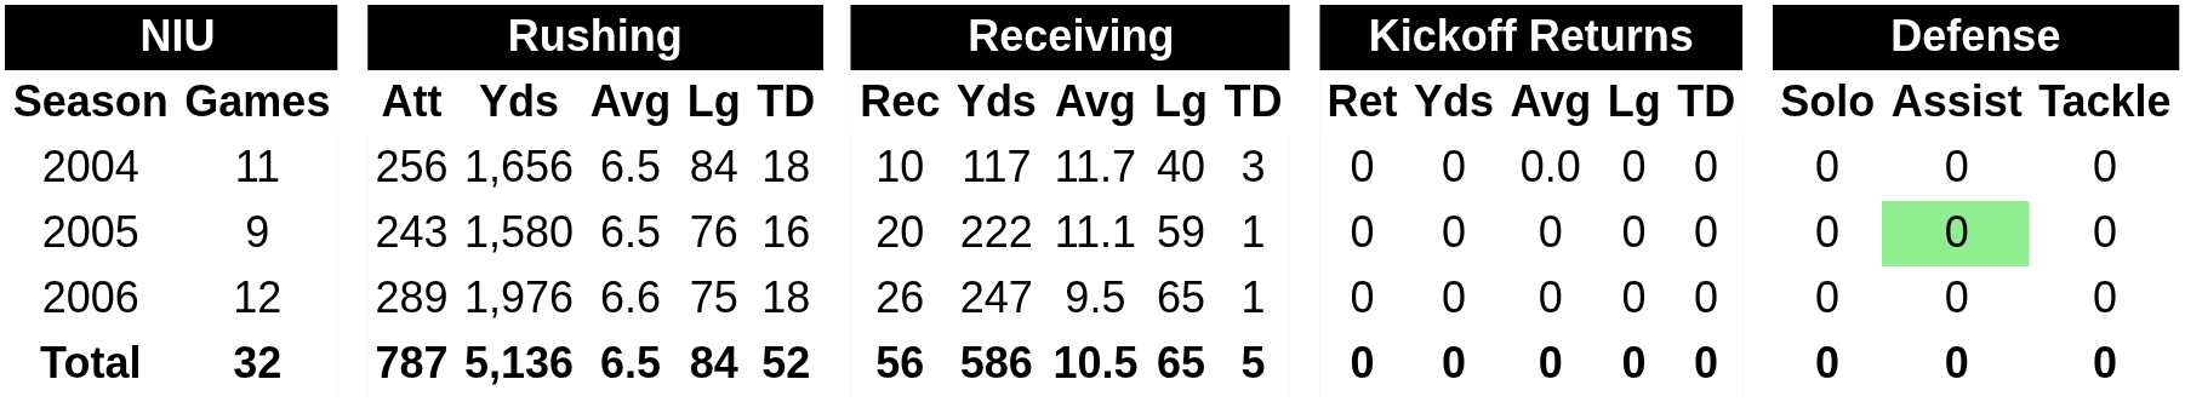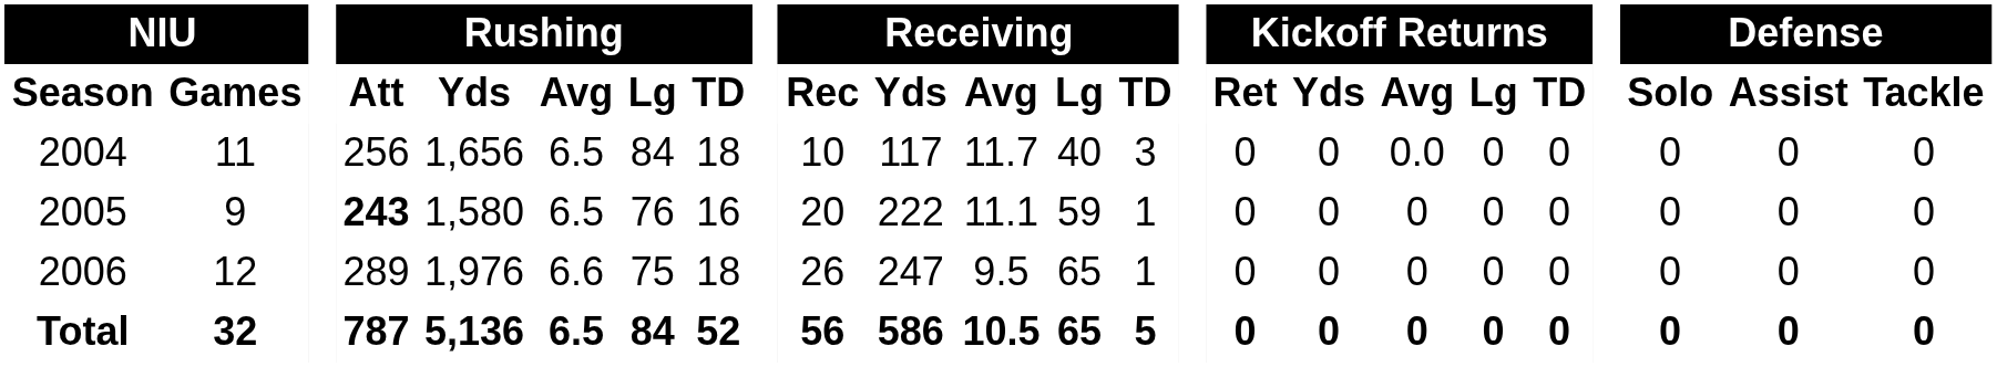 <table BORDER="0" CELLPADDING="3" CELLSPACING="0" ID="Table3" border="2">
 <tr ALIGN="center" bgcolor="#e0e0e0">
 <th ALIGN="center" colspan="2" style="background-color: black; color:white"> NIU</th>
 <th ALIGN="center" rowspan="99" bgcolor="white"> </th>
 <th ALIGN="center" colspan="5" style="background-color: black; color:white">Rushing</th>
 <th ALIGN="center" rowspan="99" bgcolor="white"> </th>
 <th ALIGN="center" colspan="5" style="background-color: black; color:white">Receiving</th>
 <th ALIGN="center" rowspan="99" bgcolor="white"> </th>
 <th ALIGN="center" colspan="5" style="background-color: black; color:white">Kickoff Returns</th>
 <th ALIGN="center" rowspan="99" bgcolor="white"> </th>
 <th ALIGN="center" colspan="3" style="background-color: black; color:white">Defense</th>
 </tr>
 <tr ALIGN="center" style="background-color:white; color:black">
 <th ALIGN="center">Season</th>
 <th ALIGN="center">Games</th>
 <th ALIGN="center">Att</th>
 <th ALIGN="center">Yds</th>
 <th ALIGN="center">Avg</th>
 <th ALIGN="center">Lg</th>
 <th ALIGN="center">TD</th>
 <th ALIGN="center">Rec</th>
 <th ALIGN="center">Yds</th>
 <th ALIGN="center">Avg</th>
 <th ALIGN="center">Lg</th>
 <th ALIGN="center">TD</th>
 <th ALIGN="center">Ret</th>
 <th ALIGN="center">Yds</th>
 <th ALIGN="center">Avg</th>
 <th ALIGN="center">Lg</th>
 <th ALIGN="center">TD</th>
 <th ALIGN="center">Solo</th>
 <th ALIGN="center">Assist</th>
 <th ALIGN="center">Tackle</th>
 </tr>
 <tr ALIGN="center">
 <td ALIGN="center">2004</td>
 <td ALIGN="center">11</td>
 <td ALIGN="center">256</td>
 <td ALIGN="center">1,656</td>
 <td ALIGN="center">6.5</td>
 <td ALIGN="center">84</td>
 <td ALIGN="center">18</td>
 <td ALIGN="center">10</td>
 <td ALIGN="center">117</td>
 <td ALIGN="center">11.7</td>
 <td ALIGN="center">40</td>
 <td ALIGN="center">3</td>
 <td ALIGN="center">0</td>
 <td ALIGN="center">0</td>
 <td ALIGN="center">0.0</td>
 <td ALIGN="center">0</td>
 <td ALIGN="center">0</td>
 <td ALIGN="center">0</td>
 <td ALIGN="center">0</td>
 <td ALIGN="center">0</td>
 </tr>
 <tr ALIGN="center">
 <td ALIGN="center">2005</td>
 <td ALIGN="center">9</td>
-<td ALIGN="center">243</td>
+<td ALIGN="center"><strong>243</strong></td>
 <td ALIGN="center">1,580</td>
 <td ALIGN="center">6.5</td>
 <td ALIGN="center">76</td>
 <td ALIGN="center">16</td>
 <td ALIGN="center">20</td>
 <td ALIGN="center">222</td>
 <td ALIGN="center">11.1</td>
 <td ALIGN="center">59</td>
 <td ALIGN="center">1</td>
 <td ALIGN="center">0</td>
 <td ALIGN="center">0</td>
 <td ALIGN="center">0</td>
 <td ALIGN="center">0</td>
 <td ALIGN="center">0</td>
 <td ALIGN="center">0</td>
-<td ALIGN="center" style="background: lightgreen;">0</td>
+<td ALIGN="center">0</td>
 <td ALIGN="center">0</td>
 </tr>
 <tr ALIGN="center">
 <td ALIGN="center">2006</td>
 <td ALIGN="center">12</td>
 <td ALIGN="center">289</td>
 <td ALIGN="center">1,976</td>
 <td ALIGN="center">6.6</td>
 <td ALIGN="center">75</td>
 <td ALIGN="center">18</td>
 <td ALIGN="center">26</td>
 <td ALIGN="center">247</td>
 <td ALIGN="center">9.5</td>
 <td ALIGN="center">65</td>
 <td ALIGN="center">1</td>
 <td ALIGN="center">0</td>
 <td ALIGN="center">0</td>
 <td ALIGN="center">0</td>
 <td ALIGN="center">0</td>
 <td ALIGN="center">0</td>
 <td ALIGN="center">0</td>
 <td ALIGN="center">0</td>
 <td ALIGN="center">0</td>
 </tr>
 <tr ALIGN="center" bgcolor="#f0f0f0">
 </tr>
 <tr ALIGN="center">
 <th ALIGN="center">Total</th>
 <th ALIGN="center">32</th>
 <th ALIGN="center">787</th>
 <th ALIGN="center">5,136</th>
 <th ALIGN="center">6.5</th>
 <th ALIGN="center">84</th>
 <th ALIGN="center">52</th>
 <th ALIGN="center">56</th>
 <th ALIGN="center">586</th>
 <th ALIGN="center">10.5</th>
 <th ALIGN="center">65</th>
 <th ALIGN="center">5</th>
 <th ALIGN="center">0</th>
 <th ALIGN="center">0</th>
 <th ALIGN="center">0</th>
 <th ALIGN="center">0</th>
 <th ALIGN="center">0</th>
 <th ALIGN="center">0</th>
 <th ALIGN="center">0</th>
 <th ALIGN="center">0</th>
 </tr>
 <tr ALIGN="center" bgcolor="#f0f0f0">
 </tr>
 </table>
